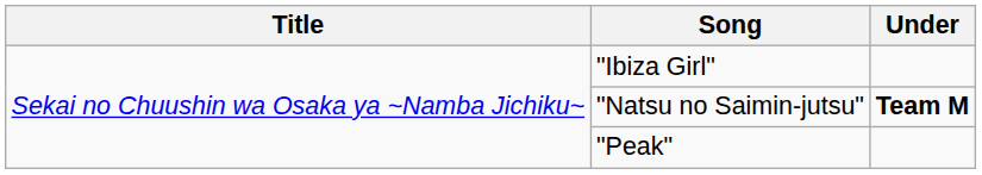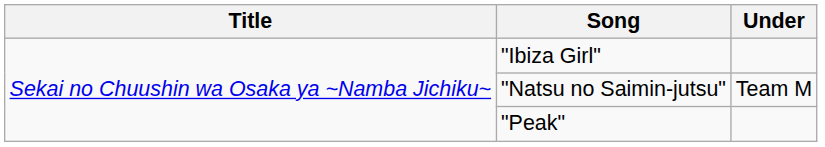 <table class="wikitable">
 <tr>
 <th>Title</th>
 <th>Song</th>
 <th>Under</th>
 </tr>
 <tr>
 <td rowspan="3"><em><a href='#'>Sekai no Chuushin wa Osaka ya ~Namba Jichiku~</a></em></td>
 <td>"Ibiza Girl"</td>
 <td></td>
 </tr>
 <tr>
 <td>"Natsu no Saimin-jutsu"</td>
-<td><strong>Team M</strong></td>
+<td>Team M</td>
 </tr>
 <tr>
 <td>"Peak"</td>
 <td></td>
 </tr>
 </table>
